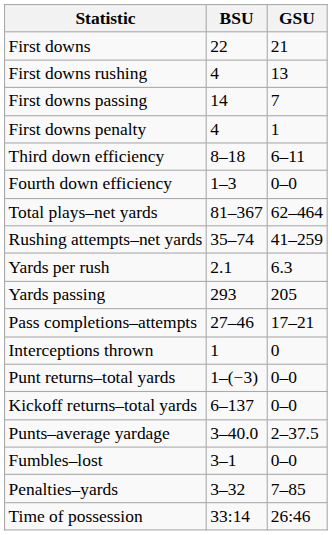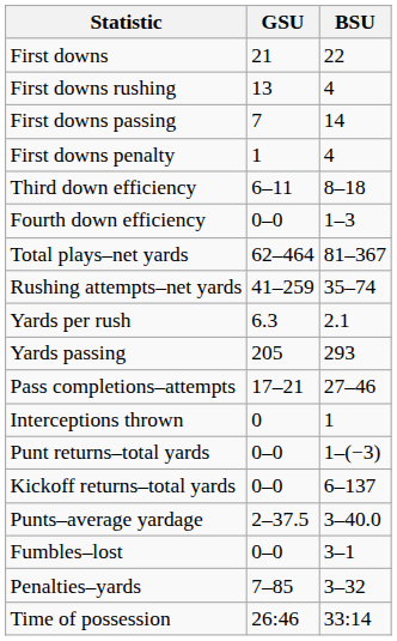 <table class="wikitable">
 <tr>
 <th>Statistic</th>
+<th><strong>GSU</strong></th>
 <th><strong>BSU</strong></th>
-<th><strong>GSU</strong></th>
 </tr>
 <tr>
 <td>First downs</td>
+<td>21</td>
 <td>22</td>
-<td>21</td>
 </tr>
 <tr>
 <td>First downs rushing</td>
+<td>13</td>
 <td>4</td>
-<td>13</td>
 </tr>
 <tr>
 <td>First downs passing</td>
+<td>7</td>
 <td>14</td>
-<td>7</td>
 </tr>
 <tr>
 <td>First downs penalty</td>
+<td>1</td>
 <td>4</td>
+</tr>
+<tr>
+<td>Third down efficiency</td>
+<td>6–11</td>
+<td>8–18</td>
+</tr>
+<tr>
+<td>Fourth down efficiency</td>
+<td>0–0</td>
+<td>1–3</td>
+</tr>
+<tr>
+<td>Total plays–net yards</td>
+<td>62–464</td>
+<td>81–367</td>
+</tr>
+<tr>
+<td>Rushing attempts–net yards</td>
+<td>41–259</td>
+<td>35–74</td>
+</tr>
+<tr>
+<td>Yards per rush</td>
+<td>6.3</td>
+<td>2.1</td>
+</tr>
+<tr>
+<td>Yards passing</td>
+<td>205</td>
+<td>293</td>
+</tr>
+<tr>
+<td>Pass completions–attempts</td>
+<td>17–21</td>
+<td>27–46</td>
+</tr>
+<tr>
+<td>Interceptions thrown</td>
+<td>0</td>
 <td>1</td>
 </tr>
 <tr>
-<td>Third down efficiency</td>
-<td>8–18</td>
-<td>6–11</td>
-</tr>
-<tr>
-<td>Fourth down efficiency</td>
-<td>1–3</td>
+<td>Punt returns–total yards</td>
 <td>0–0</td>
-</tr>
-<tr>
-<td>Total plays–net yards</td>
-<td>81–367</td>
-<td>62–464</td>
-</tr>
-<tr>
-<td>Rushing attempts–net yards</td>
-<td>35–74</td>
-<td>41–259</td>
-</tr>
-<tr>
-<td>Yards per rush</td>
-<td>2.1</td>
-<td>6.3</td>
-</tr>
-<tr>
-<td>Yards passing</td>
-<td>293</td>
-<td>205</td>
-</tr>
-<tr>
-<td>Pass completions–attempts</td>
-<td>27–46</td>
-<td>17–21</td>
-</tr>
-<tr>
-<td>Interceptions thrown</td>
-<td>1</td>
-<td>0</td>
-</tr>
-<tr>
-<td>Punt returns–total yards</td>
 <td>1–(−3)</td>
-<td>0–0</td>
 </tr>
 <tr>
 <td>Kickoff returns–total yards</td>
+<td>0–0</td>
 <td>6–137</td>
-<td>0–0</td>
 </tr>
 <tr>
 <td>Punts–average yardage</td>
+<td>2–37.5</td>
 <td>3–40.0</td>
-<td>2–37.5</td>
 </tr>
 <tr>
 <td>Fumbles–lost</td>
+<td>0–0</td>
 <td>3–1</td>
-<td>0–0</td>
 </tr>
 <tr>
 <td>Penalties–yards</td>
+<td>7–85</td>
 <td>3–32</td>
-<td>7–85</td>
 </tr>
 <tr>
 <td>Time of possession</td>
+<td>26:46</td>
 <td>33:14</td>
-<td>26:46</td>
 </tr>
 </table>
